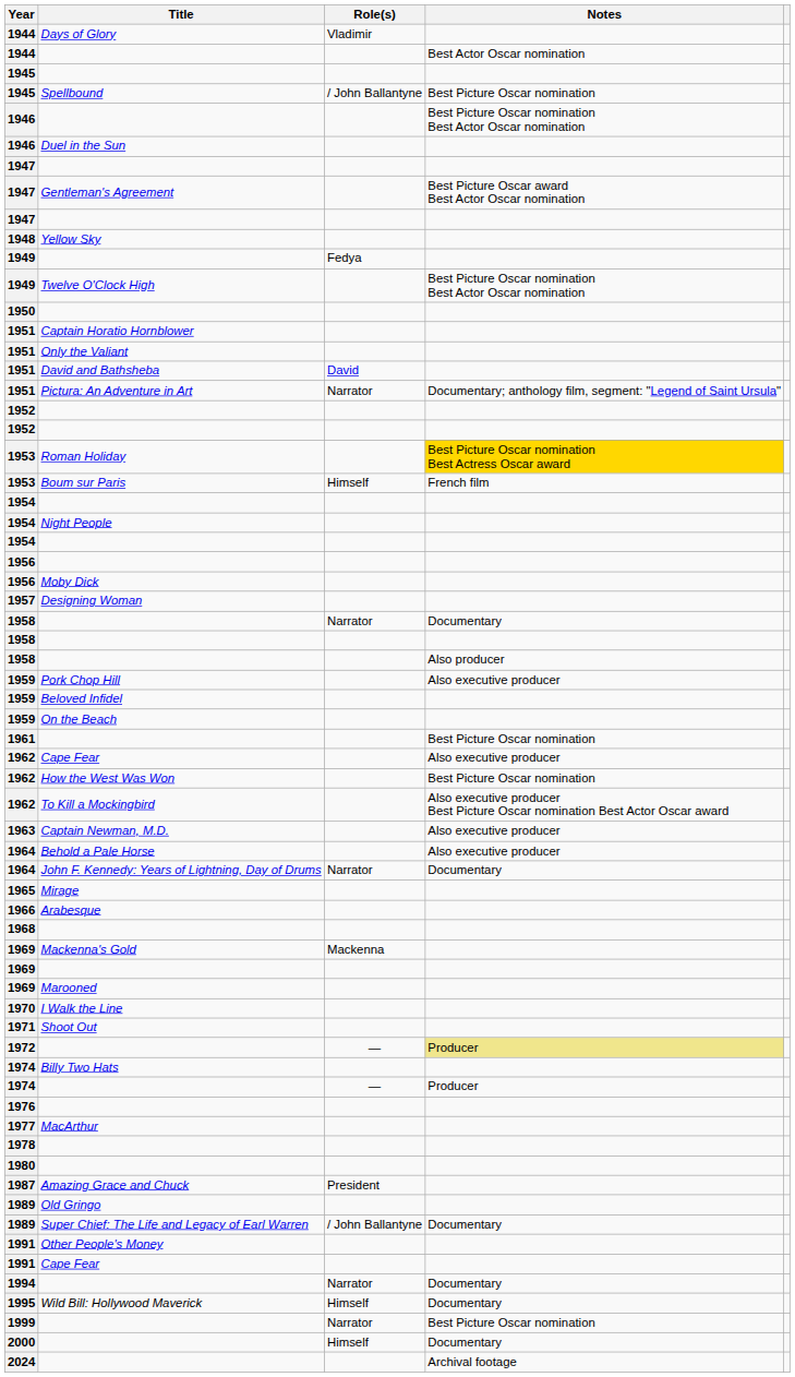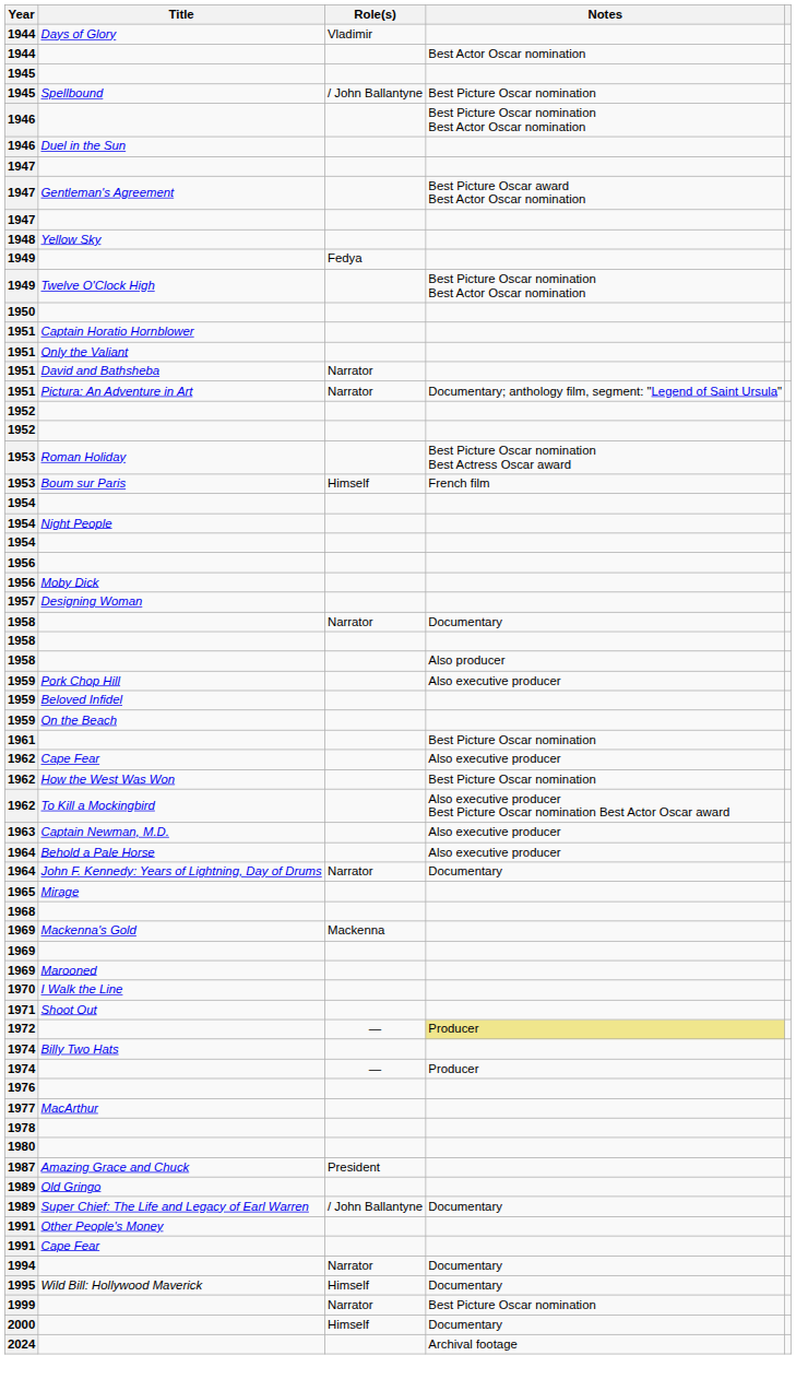 <table class="wikitable plainrowheaders sortable">
 <tr>
 <th scope="col">Year</th>
 <th scope="col">Title</th>
 <th scope="col">Role(s)</th>
 <th scope="col" class="unsortable">Notes</th>
 <th scope="col" class="unsortable"></th>
 </tr>
 <tr>
 <th scope=row>1944</th>
 <td><em><a href='#'>Days of Glory</a></em></td>
 <td>Vladimir</td>
 <td></td>
 <td style="text-align:center;"></td>
 </tr>
 <tr>
 <th scope=row>1944</th>
 <td><em></em></td>
 <td></td>
 <td>Best Actor Oscar nomination</td>
 <td style="text-align:center;"></td>
 </tr>
 <tr>
 <th scope=row>1945</th>
 <td><em></em></td>
 <td></td>
 <td></td>
 <td style="text-align:center;"></td>
 </tr>
 <tr>
 <th scope=row>1945</th>
 <td><em><a href='#'>Spellbound</a></em></td>
 <td> / John Ballantyne</td>
 <td>Best Picture Oscar nomination</td>
 <td style="text-align:center;"></td>
 </tr>
 <tr>
 <th scope=row>1946</th>
 <td><em></em></td>
 <td></td>
 <td>Best Picture Oscar nomination<br>Best Actor Oscar nomination</td>
 <td style="text-align:center;"></td>
 </tr>
 <tr>
 <th scope=row>1946</th>
 <td><em><a href='#'>Duel in the Sun</a></em></td>
 <td></td>
 <td></td>
 <td style="text-align:center;"></td>
 </tr>
 <tr>
 <th scope=row>1947</th>
 <td><em></em></td>
 <td></td>
 <td></td>
 <td style="text-align:center;"></td>
 </tr>
 <tr>
 <th scope=row>1947</th>
 <td><em><a href='#'>Gentleman's Agreement</a></em></td>
 <td></td>
 <td>Best Picture Oscar award<br>Best Actor Oscar nomination</td>
 <td style="text-align:center;"></td>
 </tr>
 <tr>
 <th scope=row>1947</th>
 <td><em></em></td>
 <td></td>
 <td></td>
 <td style="text-align:center;"></td>
 </tr>
 <tr>
 <th scope=row>1948</th>
 <td><em><a href='#'>Yellow Sky</a></em></td>
 <td></td>
 <td></td>
 <td style="text-align:center;"></td>
 </tr>
 <tr>
 <th scope=row>1949</th>
 <td><em></em></td>
 <td>Fedya</td>
 <td></td>
 <td style="text-align:center;"></td>
 </tr>
 <tr>
 <th scope=row>1949</th>
 <td><em><a href='#'>Twelve O'Clock High</a></em></td>
 <td></td>
 <td>Best Picture Oscar nomination<br>Best Actor Oscar nomination</td>
 <td style="text-align:center;"></td>
 </tr>
 <tr>
 <th scope=row>1950</th>
 <td><em></em></td>
 <td></td>
 <td></td>
 <td style="text-align:center;"></td>
 </tr>
 <tr>
 <th scope=row>1951</th>
 <td><em><a href='#'>Captain Horatio Hornblower</a></em></td>
 <td></td>
 <td></td>
 <td style="text-align:center;"></td>
 </tr>
 <tr>
 <th scope=row>1951</th>
 <td><em><a href='#'>Only the Valiant</a></em></td>
 <td></td>
 <td></td>
 <td style="text-align:center;"></td>
 </tr>
 <tr>
 <th scope=row>1951</th>
 <td><em><a href='#'>David and Bathsheba</a></em></td>
-<td><a href='#'>David</a></td>
+<td>Narrator</td>
 <td></td>
 <td style="text-align:center;"></td>
 </tr>
 <tr>
 <th scope=row>1951</th>
 <td><em><a href='#'>Pictura: An Adventure in Art</a></em></td>
 <td>Narrator</td>
 <td>Documentary; anthology film, segment: "<a href='#'>Legend of Saint Ursula</a>"</td>
 <td style="text-align:center;"></td>
 </tr>
 <tr>
 <th scope=row>1952</th>
 <td><em></em></td>
 <td></td>
 <td></td>
 <td style="text-align:center;"></td>
 </tr>
 <tr>
 <th scope=row>1952</th>
 <td><em></em></td>
 <td></td>
 <td></td>
 <td style="text-align:center;"></td>
 </tr>
 <tr>
 <th scope=row>1953</th>
 <td><em><a href='#'>Roman Holiday</a></em></td>
 <td></td>
-<td style="background: gold;">Best Picture Oscar nomination<br>Best Actress Oscar award</td>
+<td>Best Picture Oscar nomination<br>Best Actress Oscar award</td>
 <td style="text-align:center;"></td>
 </tr>
 <tr>
 <th scope=row>1953</th>
 <td><em><a href='#'>Boum sur Paris</a></em></td>
 <td>Himself</td>
 <td>French film</td>
 <td style="text-align:center;"></td>
 </tr>
 <tr>
 <th scope=row>1954</th>
 <td><em></em></td>
 <td></td>
 <td></td>
 <td style="text-align:center;"></td>
 </tr>
 <tr>
 <th scope=row>1954</th>
 <td><em><a href='#'>Night People</a></em></td>
 <td></td>
 <td></td>
 <td style="text-align:center;"></td>
 </tr>
 <tr>
 <th scope=row>1954</th>
 <td><em></em></td>
 <td></td>
 <td></td>
 <td style="text-align:center;"></td>
 </tr>
 <tr>
 <th scope=row>1956</th>
 <td><em></em></td>
 <td></td>
 <td></td>
 <td style="text-align:center;"></td>
 </tr>
 <tr>
 <th scope=row>1956</th>
 <td><em><a href='#'>Moby Dick</a></em></td>
 <td></td>
 <td></td>
 <td style="text-align:center;"></td>
 </tr>
 <tr>
 <th scope=row>1957</th>
 <td><em><a href='#'>Designing Woman</a></em></td>
 <td></td>
 <td></td>
 <td style="text-align:center;"></td>
 </tr>
 <tr>
 <th scope=row>1958</th>
 <td><em></em></td>
 <td>Narrator</td>
 <td>Documentary</td>
 <td style="text-align:center;"></td>
 </tr>
 <tr>
 <th scope=row>1958</th>
 <td><em></em></td>
 <td></td>
 <td></td>
 <td style="text-align:center;"></td>
 </tr>
 <tr>
 <th scope=row>1958</th>
 <td><em></em></td>
 <td></td>
 <td>Also producer</td>
 <td style="text-align:center;"></td>
 </tr>
 <tr>
 <th scope=row>1959</th>
 <td><em><a href='#'>Pork Chop Hill</a></em></td>
 <td></td>
 <td>Also executive producer</td>
 <td style="text-align:center;"></td>
 </tr>
 <tr>
 <th scope=row>1959</th>
 <td><em><a href='#'>Beloved Infidel</a></em></td>
 <td></td>
 <td></td>
 <td style="text-align:center;"></td>
 </tr>
 <tr>
 <th scope=row>1959</th>
 <td><em><a href='#'>On the Beach</a></em></td>
 <td></td>
 <td></td>
 <td style="text-align:center;"></td>
 </tr>
 <tr>
 <th scope=row>1961</th>
 <td><em></em></td>
 <td></td>
 <td>Best Picture Oscar nomination</td>
 <td style="text-align:center;"></td>
 </tr>
 <tr>
 <th scope=row>1962</th>
 <td><em><a href='#'>Cape Fear</a></em></td>
 <td></td>
 <td>Also executive producer</td>
 <td style="text-align:center;"></td>
 </tr>
 <tr>
 <th scope=row>1962</th>
 <td><em><a href='#'>How the West Was Won</a></em></td>
 <td></td>
 <td>Best Picture Oscar nomination</td>
 <td style="text-align:center;"></td>
 </tr>
 <tr>
 <th scope=row>1962</th>
 <td><em><a href='#'>To Kill a Mockingbird</a></em></td>
 <td></td>
 <td>Also executive producer<br>Best Picture Oscar nomination Best Actor Oscar award</td>
 <td style="text-align:center;"></td>
 </tr>
 <tr>
 <th scope=row>1963</th>
 <td><em><a href='#'>Captain Newman, M.D.</a></em></td>
 <td></td>
 <td>Also executive producer</td>
 <td style="text-align:center;"></td>
 </tr>
 <tr>
 <th scope=row>1964</th>
 <td><em><a href='#'>Behold a Pale Horse</a></em></td>
 <td></td>
 <td>Also executive producer</td>
 <td style="text-align:center;"></td>
 </tr>
 <tr>
 <th scope=row>1964</th>
 <td><em><a href='#'>John F. Kennedy: Years of Lightning, Day of Drums</a></em></td>
 <td>Narrator</td>
 <td>Documentary</td>
 <td style="text-align:center;"></td>
 </tr>
 <tr>
 <th scope=row>1965</th>
 <td><em><a href='#'>Mirage</a></em></td>
-<td></td>
-<td></td>
-<td style="text-align:center;"></td>
-</tr>
-<tr>
-<th scope=row>1966</th>
-<td><em><a href='#'>Arabesque</a></em></td>
 <td></td>
 <td></td>
 <td style="text-align:center;"></td>
 </tr>
 <tr>
 <th scope=row>1968</th>
 <td><em></em></td>
 <td></td>
 <td></td>
 <td style="text-align:center;"></td>
 </tr>
 <tr>
 <th scope=row>1969</th>
 <td><em><a href='#'>Mackenna's Gold</a></em></td>
 <td>Mackenna</td>
 <td></td>
 <td style="text-align:center;"></td>
 </tr>
 <tr>
 <th scope=row>1969</th>
 <td><em></em></td>
 <td></td>
 <td></td>
 <td style="text-align:center;"><br></td>
 </tr>
 <tr>
 <th scope=row>1969</th>
 <td><em><a href='#'>Marooned</a></em></td>
 <td></td>
 <td></td>
 <td style="text-align:center;"></td>
 </tr>
 <tr>
 <th scope=row>1970</th>
 <td><em><a href='#'>I Walk the Line</a></em></td>
 <td></td>
 <td></td>
 <td style="text-align:center;"></td>
 </tr>
 <tr>
 <th scope=row>1971</th>
 <td><em><a href='#'>Shoot Out</a></em></td>
 <td></td>
 <td></td>
 <td style="text-align:center;"></td>
 </tr>
 <tr>
 <th scope=row>1972</th>
 <td><em></em></td>
 <td align="center">—</td>
 <td style="background: khaki;">Producer</td>
 <td style="text-align:center;"></td>
 </tr>
 <tr>
 <th scope=row>1974</th>
 <td><em><a href='#'>Billy Two Hats</a></em></td>
 <td></td>
 <td></td>
 <td style="text-align:center;"></td>
 </tr>
 <tr>
 <th scope=row>1974</th>
 <td><em></em></td>
 <td align="center">—</td>
 <td>Producer</td>
 <td style="text-align:center;"></td>
 </tr>
 <tr>
 <th scope=row>1976</th>
 <td><em></em></td>
 <td></td>
 <td></td>
 <td style="text-align:center;"></td>
 </tr>
 <tr>
 <th scope=row>1977</th>
 <td><em><a href='#'>MacArthur</a></em></td>
 <td></td>
 <td></td>
 <td style="text-align:center;"></td>
 </tr>
 <tr>
 <th scope=row>1978</th>
 <td><em></em></td>
 <td></td>
 <td></td>
 <td style="text-align:center;"></td>
 </tr>
 <tr>
 <th scope=row>1980</th>
 <td><em></em></td>
 <td></td>
 <td></td>
 <td style="text-align:center;"></td>
 </tr>
 <tr>
 <th scope=row>1987</th>
 <td><em><a href='#'>Amazing Grace and Chuck</a></em></td>
 <td>President</td>
 <td></td>
 <td style="text-align:center;"></td>
 </tr>
 <tr>
 <th scope=row>1989</th>
 <td><em><a href='#'>Old Gringo</a></em></td>
 <td></td>
 <td></td>
 <td style="text-align:center;"></td>
 </tr>
 <tr>
 <th scope=row>1989</th>
 <td><em><a href='#'>Super Chief: The Life and Legacy of Earl Warren</a></em></td>
 <td> / John Ballantyne</td>
 <td>Documentary</td>
 <td style="text-align:center;"></td>
 </tr>
 <tr>
 <th scope=row>1991</th>
 <td><em><a href='#'>Other People's Money</a></em></td>
 <td></td>
 <td></td>
 <td style="text-align:center;"></td>
 </tr>
 <tr>
 <th scope=row>1991</th>
 <td><em><a href='#'>Cape Fear</a></em></td>
 <td></td>
 <td></td>
 <td style="text-align:center;"></td>
 </tr>
 <tr>
 <th scope=row>1994</th>
 <td><em></em></td>
 <td>Narrator</td>
 <td>Documentary</td>
 <td style="text-align:center;"></td>
 </tr>
 <tr>
 <th scope=row>1995</th>
 <td><em>Wild Bill: Hollywood Maverick</em></td>
 <td>Himself</td>
 <td>Documentary</td>
 <td style="text-align:center;"></td>
 </tr>
 <tr>
 <th scope=row>1999</th>
 <td><em></em></td>
 <td>Narrator</td>
 <td>Best Picture Oscar nomination</td>
 <td style="text-align:center;"></td>
 </tr>
 <tr>
 <th scope=row>2000</th>
 <td><em></em></td>
 <td>Himself</td>
 <td>Documentary</td>
 <td style="text-align:center;"></td>
 </tr>
 <tr>
 <th scope=row>2024</th>
 <td><em></em></td>
 <td></td>
 <td>Archival footage</td>
 <td style="text-align:center;"></td>
 </tr>
 </table>
